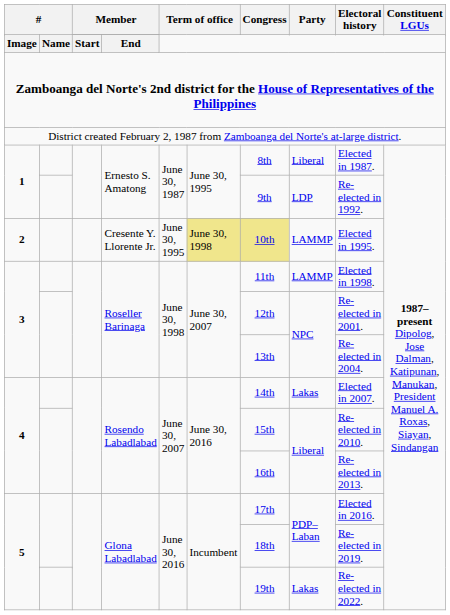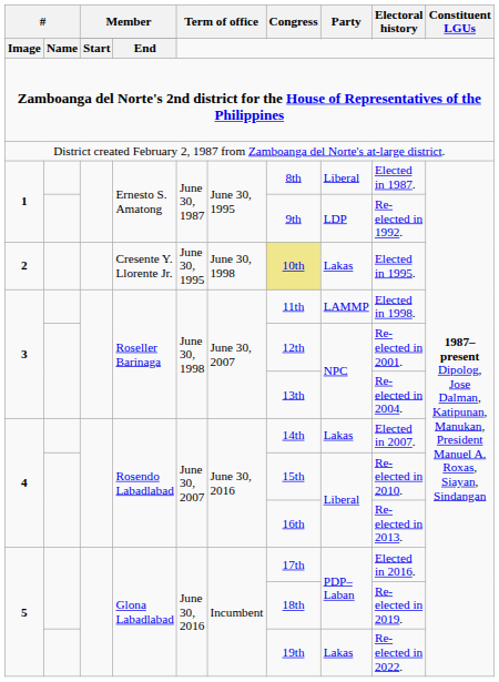 <table class="wikitable">
 <tr>
 <th rowspan="2" colspan="2">#</th>
 <th colspan="2">Member</th>
 <th colspan="2">Term of office</th>
 <th rowspan="2">Congress</th>
 <th rowspan="2">Party</th>
 <th rowspan="2">Electoral history</th>
 <th rowspan="2" width="33%">Constituent<br><a href='#'>LGUs</a></th>
 </tr>
 <tr>
 </tr>
 <tr>
 <th>Image</th>
 <th>Name<br></th>
 <th>Start</th>
 <th>End</th>
 </tr>
 <tr>
 <td colspan="10" style="text-align:center;"><br><h3>Zamboanga del Norte's 2nd district for the <a href='#'>House of Representatives of the Philippines</a></h3></td>
 </tr>
 <tr>
 <td colspan="10" style="text-align:center;">District created February 2, 1987 from <a href='#'>Zamboanga del Norte's at-large district</a>.</td>
 </tr>
 <tr>
 <td rowspan="2" style="text-align:center;"><strong>1</strong></td>
 <td style="color:inherit;background:"></td>
 <td rowspan="2"></td>
 <td rowspan="2">Ernesto S. Amatong</td>
 <td rowspan="2">June 30, 1987</td>
 <td rowspan="2">June 30, 1995</td>
 <td style="text-align:center;"><a href='#'>8th</a></td>
 <td><a href='#'>Liberal</a></td>
 <td><a href='#'>Elected in 1987</a>.</td>
 <td rowspan="13" style="text-align:center;"><strong>1987–present</strong><br><a href='#'>Dipolog</a>, <a href='#'>Jose Dalman</a>, <a href='#'>Katipunan</a>, <a href='#'>Manukan</a>, <a href='#'>President Manuel A. Roxas</a>, <a href='#'>Siayan</a>, <a href='#'>Sindangan</a></td>
 </tr>
 <tr>
 <td style="color:inherit;background:"></td>
 <td style="text-align:center;"><a href='#'>9th</a></td>
 <td><a href='#'>LDP</a></td>
 <td><a href='#'>Re-elected in 1992</a>.</td>
 </tr>
 <tr>
 <td style="text-align:center;"><strong>2</strong></td>
 <td style="color:inherit;background:"></td>
 <td></td>
 <td>Cresente Y. Llorente Jr.</td>
 <td>June 30, 1995</td>
-<td style="background: khaki;">June 30, 1998</td>
+<td>June 30, 1998</td>
 <td style="background: khaki; text-align:center;"><a href='#'>10th</a></td>
-<td><a href='#'>LAMMP</a></td>
+<td><a href='#'>Lakas</a></td>
 <td><a href='#'>Elected in 1995</a>.</td>
 </tr>
 <tr>
 <td rowspan="3" style="text-align:center;"><strong>3</strong></td>
 <td style="color:inherit;background:"></td>
 <td rowspan="3"></td>
 <td rowspan="3"><a href='#'>Roseller Barinaga</a><br></td>
 <td rowspan="3">June 30, 1998</td>
 <td rowspan="3">June 30, 2007</td>
 <td style="text-align:center;"><a href='#'>11th</a></td>
 <td><a href='#'>LAMMP</a></td>
 <td><a href='#'>Elected in 1998</a>.</td>
 </tr>
 <tr>
 <td rowspan="2" style="color:inherit;background:"></td>
 <td style="text-align:center;"><a href='#'>12th</a></td>
 <td rowspan="2"><a href='#'>NPC</a></td>
 <td><a href='#'>Re-elected in 2001</a>.</td>
 </tr>
 <tr>
 <td style="text-align:center;"><a href='#'>13th</a></td>
 <td><a href='#'>Re-elected in 2004</a>.</td>
 </tr>
 <tr>
 <td rowspan="3" style="text-align:center;"><strong>4</strong></td>
 <td style="color:inherit;background:"></td>
 <td rowspan="3"></td>
 <td rowspan="3"><a href='#'>Rosendo Labadlabad</a><br></td>
 <td rowspan="3">June 30, 2007</td>
 <td rowspan="3">June 30, 2016</td>
 <td style="text-align:center;"><a href='#'>14th</a></td>
 <td><a href='#'>Lakas</a></td>
 <td><a href='#'>Elected in 2007</a>.</td>
 </tr>
 <tr>
 <td rowspan="2" style="color:inherit;background:"></td>
 <td style="text-align:center;"><a href='#'>15th</a></td>
 <td rowspan="2"><a href='#'>Liberal</a></td>
 <td><a href='#'>Re-elected in 2010</a>.</td>
 </tr>
 <tr>
 <td style="text-align:center;"><a href='#'>16th</a></td>
 <td><a href='#'>Re-elected in 2013</a>.</td>
 </tr>
 <tr>
 <td rowspan="4" style="text-align:center;"><strong>5</strong></td>
 <td rowspan="3" style="color:inherit;background:"></td>
 <td rowspan="4"></td>
 <td rowspan="4"><a href='#'>Glona Labadlabad</a></td>
 <td rowspan="4">June 30, 2016</td>
 <td rowspan="4">Incumbent</td>
 <td style="text-align:center;"><a href='#'>17th</a></td>
 <td rowspan="3"><a href='#'>PDP–Laban</a></td>
 <td><a href='#'>Elected in 2016</a>.</td>
 </tr>
 <tr>
 <td style="text-align:center;"><a href='#'>18th</a></td>
 <td><a href='#'>Re-elected in 2019</a>.</td>
 </tr>
 <tr>
 <td style="text-align:center;" rowspan="2"><a href='#'>19th</a></td>
 <td rowspan="2"><a href='#'>Re-elected in 2022</a>.</td>
 </tr>
 <tr>
 <td style="color:inherit;background:"></td>
 <td><a href='#'>Lakas</a></td>
 </tr>
 </table>
